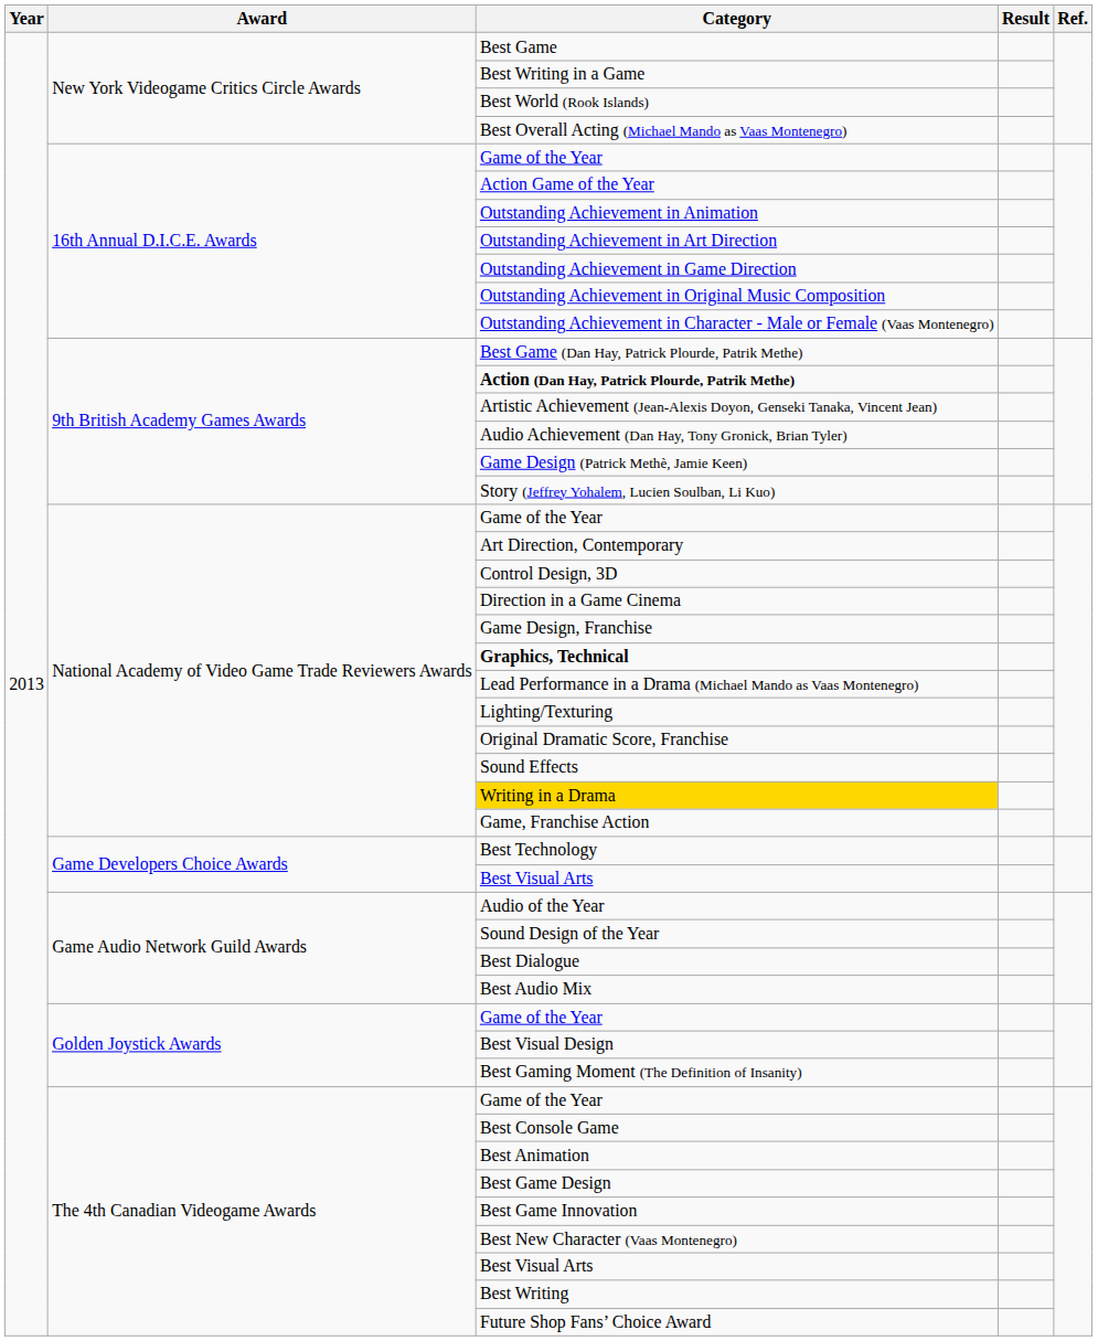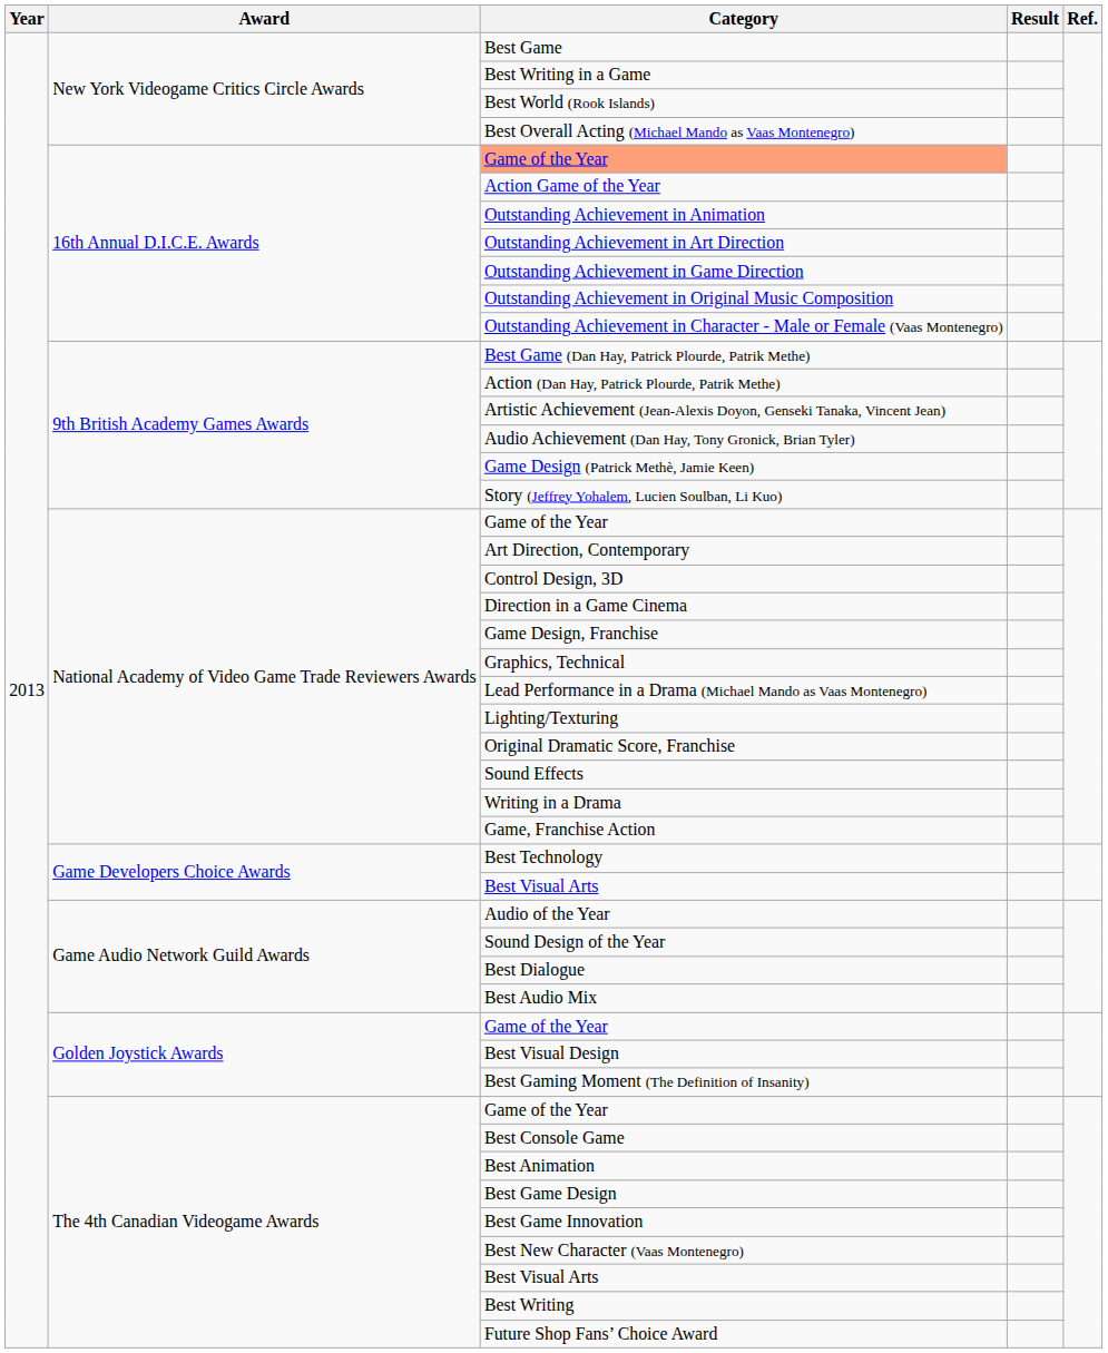 <table class="wikitable sortable">
 <tr>
 <th>Year</th>
 <th>Award</th>
 <th>Category</th>
 <th>Result</th>
 <th class="unsortable">Ref.</th>
 </tr>
 <tr>
 <td rowspan="47" style="text-align:center;">2013</td>
 <td rowspan="4">New York Videogame Critics Circle Awards</td>
 <td>Best Game</td>
 <td></td>
 <td rowspan="4" style="text-align:center;"><br></td>
 </tr>
 <tr>
 <td>Best Writing in a Game</td>
 <td></td>
 </tr>
 <tr>
 <td>Best World <small>(Rook Islands)</small></td>
 <td></td>
 </tr>
 <tr>
 <td>Best Overall Acting <small>(<a href='#'>Michael Mando</a> as <a href='#'>Vaas Montenegro</a>)</small></td>
 <td></td>
 </tr>
 <tr>
 <td rowspan="7"><a href='#'>16th Annual D.I.C.E. Awards</a></td>
-<td><a href='#'>Game of the Year</a></td>
+<td style="background: lightsalmon;"><a href='#'>Game of the Year</a></td>
 <td></td>
 <td rowspan="7" style="text-align:center;"></td>
 </tr>
 <tr>
 <td><a href='#'>Action Game of the Year</a></td>
 <td></td>
 </tr>
 <tr>
 <td><a href='#'>Outstanding Achievement in Animation</a></td>
 <td></td>
 </tr>
 <tr>
 <td><a href='#'>Outstanding Achievement in Art Direction</a></td>
 <td></td>
 </tr>
 <tr>
 <td><a href='#'>Outstanding Achievement in Game Direction</a></td>
 <td></td>
 </tr>
 <tr>
 <td><a href='#'>Outstanding Achievement in Original Music Composition</a></td>
 <td></td>
 </tr>
 <tr>
 <td><a href='#'>Outstanding Achievement in Character - Male or Female</a> <small>(Vaas Montenegro)</small></td>
 <td></td>
 </tr>
 <tr>
 <td rowspan="6"><a href='#'>9th British Academy Games Awards</a></td>
 <td><a href='#'>Best Game</a> <small>(Dan Hay, Patrick Plourde, Patrik Methe)</small></td>
 <td></td>
 <td rowspan="6" style="text-align:center;"></td>
 </tr>
 <tr>
-<td><strong>Action <small>(Dan Hay, Patrick Plourde, Patrik Methe)</small></strong></td>
+<td>Action <small>(Dan Hay, Patrick Plourde, Patrik Methe)</small></td>
 <td></td>
 </tr>
 <tr>
 <td>Artistic Achievement <small>(Jean-Alexis Doyon, Genseki Tanaka, Vincent Jean)</small></td>
 <td></td>
 </tr>
 <tr>
 <td>Audio Achievement <small>(Dan Hay, Tony Gronick, Brian Tyler)</small></td>
 <td></td>
 </tr>
 <tr>
 <td><a href='#'>Game Design</a> <small>(Patrick Methè, Jamie Keen)</small></td>
 <td></td>
 </tr>
 <tr>
 <td>Story <small>(<a href='#'>Jeffrey Yohalem</a>, Lucien Soulban, Li Kuo)</small></td>
 <td></td>
 </tr>
 <tr>
 <td rowspan="12">National Academy of Video Game Trade Reviewers Awards</td>
 <td>Game of the Year</td>
 <td></td>
 <td rowspan="12" style="text-align:center;"></td>
 </tr>
 <tr>
 <td>Art Direction, Contemporary</td>
 <td></td>
 </tr>
 <tr>
 <td>Control Design, 3D</td>
 <td></td>
 </tr>
 <tr>
 <td>Direction in a Game Cinema</td>
 <td></td>
 </tr>
 <tr>
 <td>Game Design, Franchise</td>
 <td></td>
 </tr>
 <tr>
-<td><strong>Graphics, Technical</strong></td>
+<td>Graphics, Technical</td>
 <td></td>
 </tr>
 <tr>
 <td>Lead Performance in a Drama <small>(Michael Mando as Vaas Montenegro)</small></td>
 <td></td>
 </tr>
 <tr>
 <td>Lighting/Texturing</td>
 <td></td>
 </tr>
 <tr>
 <td>Original Dramatic Score, Franchise</td>
 <td></td>
 </tr>
 <tr>
 <td>Sound Effects</td>
 <td></td>
 </tr>
 <tr>
-<td style="background: gold;">Writing in a Drama</td>
+<td>Writing in a Drama</td>
 <td></td>
 </tr>
 <tr>
 <td>Game, Franchise Action</td>
 <td></td>
 </tr>
 <tr>
 <td rowspan="2"><a href='#'>Game Developers Choice Awards</a></td>
 <td>Best Technology</td>
 <td></td>
 <td rowspan="2" style="text-align:center;"></td>
 </tr>
 <tr>
 <td><a href='#'>Best Visual Arts</a></td>
 <td></td>
 </tr>
 <tr>
 <td rowspan="4">Game Audio Network Guild Awards</td>
 <td>Audio of the Year</td>
 <td></td>
 <td rowspan="4" style="text-align:center;"><br></td>
 </tr>
 <tr>
 <td>Sound Design of the Year</td>
 <td></td>
 </tr>
 <tr>
 <td>Best Dialogue</td>
 <td></td>
 </tr>
 <tr>
 <td>Best Audio Mix</td>
 <td></td>
 </tr>
 <tr>
 <td rowspan="3"><a href='#'>Golden Joystick Awards</a></td>
 <td><a href='#'>Game of the Year</a></td>
 <td></td>
 <td rowspan="3" style="text-align:center;"><br></td>
 </tr>
 <tr>
 <td>Best Visual Design</td>
 <td></td>
 </tr>
 <tr>
 <td>Best Gaming Moment <small>(The Definition of Insanity)</small></td>
 <td></td>
 </tr>
 <tr>
 <td rowspan="9">The 4th Canadian Videogame Awards</td>
 <td>Game of the Year</td>
 <td></td>
 <td rowspan="9" style="text-align:center;"></td>
 </tr>
 <tr>
 <td>Best Console Game</td>
 <td></td>
 </tr>
 <tr>
 <td>Best Animation</td>
 <td></td>
 </tr>
 <tr>
 <td>Best Game Design</td>
 <td></td>
 </tr>
 <tr>
 <td>Best Game Innovation</td>
 <td></td>
 </tr>
 <tr>
 <td>Best New Character <small>(Vaas Montenegro)</small></td>
 <td></td>
 </tr>
 <tr>
 <td>Best Visual Arts</td>
 <td></td>
 </tr>
 <tr>
 <td>Best Writing</td>
 <td></td>
 </tr>
 <tr>
 <td>Future Shop Fans’ Choice Award</td>
 <td></td>
 </tr>
 </table>
